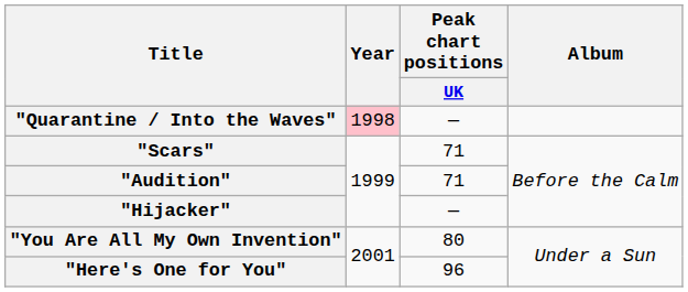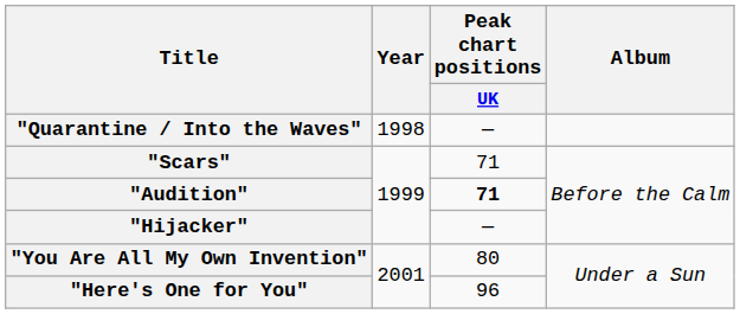 <table class="wikitable plainrowheaders" style="text-align:center;">
 <tr>
 <th rowspan="2">Title</th>
 <th rowspan="2">Year</th>
 <th>Peak chart positions</th>
 <th rowspan="2">Album</th>
 </tr>
 <tr>
 <th scope="col" style="width:3em;font-size:90%;"><a href='#'>UK</a><br></th>
 </tr>
 <tr>
 <th scope="row">"Quarantine / Into the Waves"</th>
-<td style="background: pink;">1998</td>
+<td>1998</td>
 <td>—</td>
 <td></td>
 </tr>
 <tr>
 <th scope="row">"Scars"</th>
 <td rowspan="3">1999</td>
 <td>71</td>
 <td rowspan="3"><em>Before the Calm</em></td>
 </tr>
 <tr>
 <th scope="row">"Audition"</th>
-<td>71</td>
+<td><strong>71</strong></td>
 </tr>
 <tr>
 <th scope="row">"Hijacker"</th>
 <td>—</td>
 </tr>
 <tr>
 <th scope="row">"You Are All My Own Invention"</th>
 <td rowspan="2">2001</td>
 <td>80</td>
 <td rowspan="2"><em>Under a Sun</em></td>
 </tr>
 <tr>
 <th scope="row">"Here's One for You"</th>
 <td>96</td>
 </tr>
 </table>
